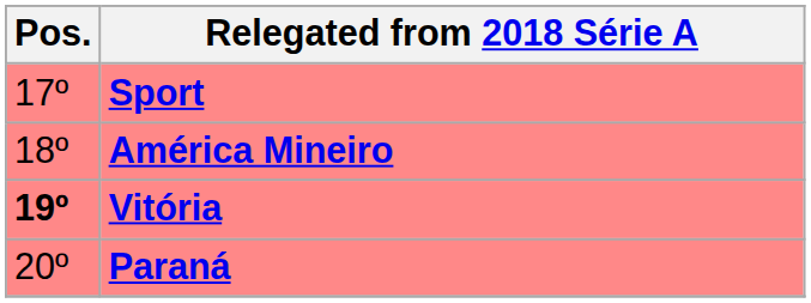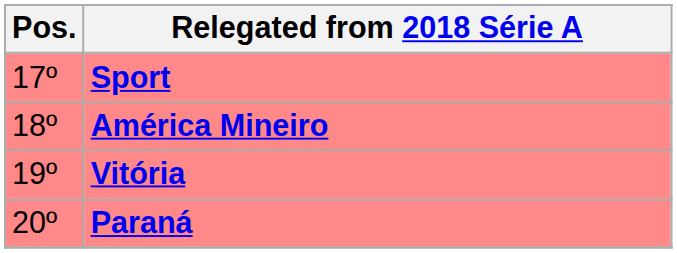 <table class="wikitable">
 <tr>
 <th align="center">Pos.</th>
 <th width="300">Relegated from <a href='#'>2018 Série A</a></th>
 </tr>
 <tr style="background: #FF8888;">
 <td>17º</td>
 <td><strong><a href='#'>Sport</a></strong></td>
 </tr>
 <tr style="background: #FF8888;">
 <td>18º</td>
 <td><strong><a href='#'>América Mineiro</a></strong></td>
 </tr>
 <tr style="background: #FF8888;">
-<td><strong>19º</strong></td>
+<td>19º</td>
 <td><strong><a href='#'>Vitória</a></strong></td>
 </tr>
 <tr style="background: #FF8888;">
 <td>20º</td>
 <td><strong><a href='#'>Paraná</a></strong></td>
 </tr>
 <tr style="background: #FF8888;">
 </tr>
 </table>
